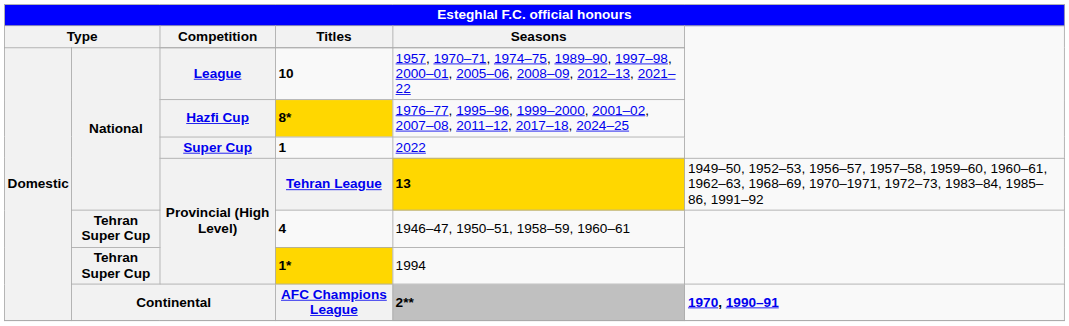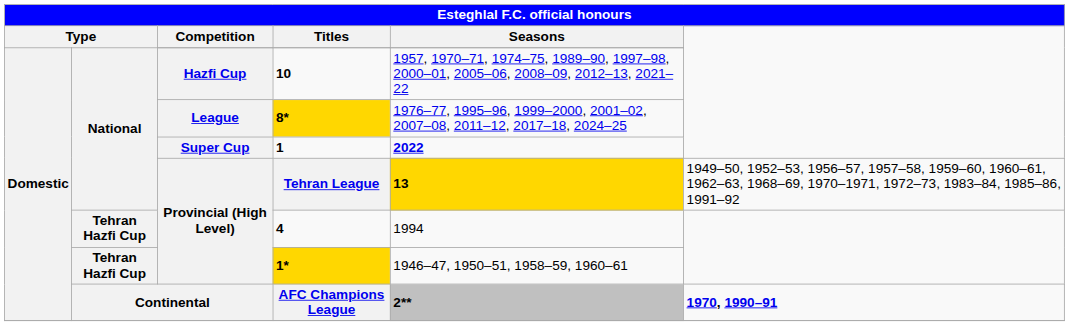 <table class="wikitable">
 <tr>
 <th colspan="6" style="background:#0000FF; color:#FFFFFF; ">Esteghlal F.C. official honours</th>
 </tr>
 <tr>
 <th colspan="2">Type</th>
 <th>Competition</th>
 <th>Titles</th>
 <th>Seasons</th>
 </tr>
 <tr>
 <th rowspan="8">Domestic</th>
 <th rowspan="5">National</th>
 </tr>
 <tr>
-<th><a href='#'>League</a></th>
+<th><a href='#'>Hazfi Cup</a></th>
 <td><strong>10</strong></td>
 <td><a href='#'>1957</a>, <a href='#'>1970–71</a>, <a href='#'>1974–75</a>, <a href='#'>1989–90</a>, <a href='#'>1997–98</a>, <a href='#'>2000–01</a>, <a href='#'>2005–06</a>, <a href='#'>2008–09</a>, <a href='#'>2012–13</a>, <a href='#'>2021–22</a></td>
 </tr>
 <tr>
-<th><a href='#'>Hazfi Cup</a></th>
+<th><a href='#'>League</a></th>
 <td bgcolor="gold"><strong>8*</strong></td>
 <td><a href='#'>1976–77</a>, <a href='#'>1995–96</a>, <a href='#'>1999–2000</a>, <a href='#'>2001–02</a>, <a href='#'>2007–08</a>, <a href='#'>2011–12</a>, <a href='#'>2017–18</a>, <a href='#'>2024–25</a></td>
 </tr>
 <tr>
 <th><a href='#'>Super Cup</a></th>
 <td><strong>1</strong></td>
-<td><a href='#'>2022</a></td>
+<td><strong><a href='#'>2022</a></strong></td>
 </tr>
 <tr>
 <th rowspan="3">Provincial (High Level)</th>
 <th><a href='#'>Tehran League</a></th>
 <td bgcolor="gold"><strong>13</strong></td>
 <td>1949–50, 1952–53, 1956–57, 1957–58, 1959–60, 1960–61, 1962–63, 1968–69, 1970–1971, 1972–73, 1983–84, 1985–86, 1991–92</td>
 </tr>
 <tr>
-<th>Tehran Super Cup</th>
+<th>Tehran Hazfi Cup</th>
 <td><strong>4</strong></td>
-<td>1946–47, 1950–51, 1958–59, 1960–61</td>
+<td>1994</td>
 </tr>
 <tr>
-<th>Tehran Super Cup</th>
+<th>Tehran Hazfi Cup</th>
 <td bgcolor="gold"><strong>1*</strong></td>
-<td>1994</td>
+<td>1946–47, 1950–51, 1958–59, 1960–61</td>
 </tr>
 <tr>
 <th colspan="2">Continental</th>
 <th><a href='#'>AFC Champions League</a></th>
 <td bgcolor="silver"><strong>2**</strong></td>
 <td><strong><a href='#'>1970</a>, <a href='#'>1990–91</a></strong></td>
 </tr>
 <tr>
 </tr>
 </table>
